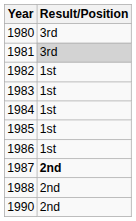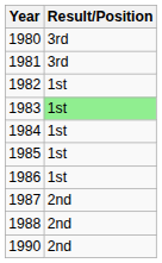 <table class="wikitable" border="1">
 <tr>
 <th>Year</th>
 <th>Result/Position</th>
 </tr>
 <tr>
 <td>1980</td>
 <td>3rd</td>
 </tr>
 <tr>
 <td>1981</td>
-<td style="background: lightgrey;">3rd</td>
+<td>3rd</td>
 </tr>
 <tr>
 <td>1982</td>
 <td>1st</td>
 </tr>
 <tr>
 <td>1983</td>
-<td>1st</td>
+<td style="background: lightgreen;">1st</td>
 </tr>
 <tr>
 <td>1984</td>
 <td>1st</td>
 </tr>
 <tr>
 <td>1985</td>
 <td>1st</td>
 </tr>
 <tr>
 <td>1986</td>
 <td>1st</td>
 </tr>
 <tr>
 <td>1987</td>
-<td><strong>2nd</strong></td>
+<td>2nd</td>
 </tr>
 <tr>
 <td>1988</td>
 <td>2nd</td>
 </tr>
 <tr>
 <td>1990</td>
 <td>2nd</td>
 </tr>
 </table>
